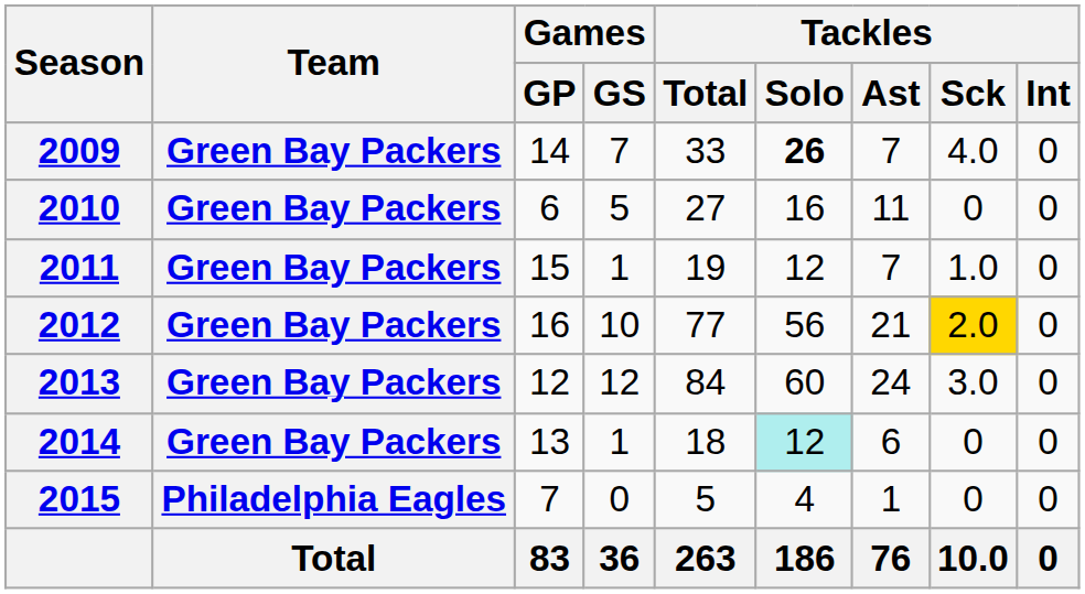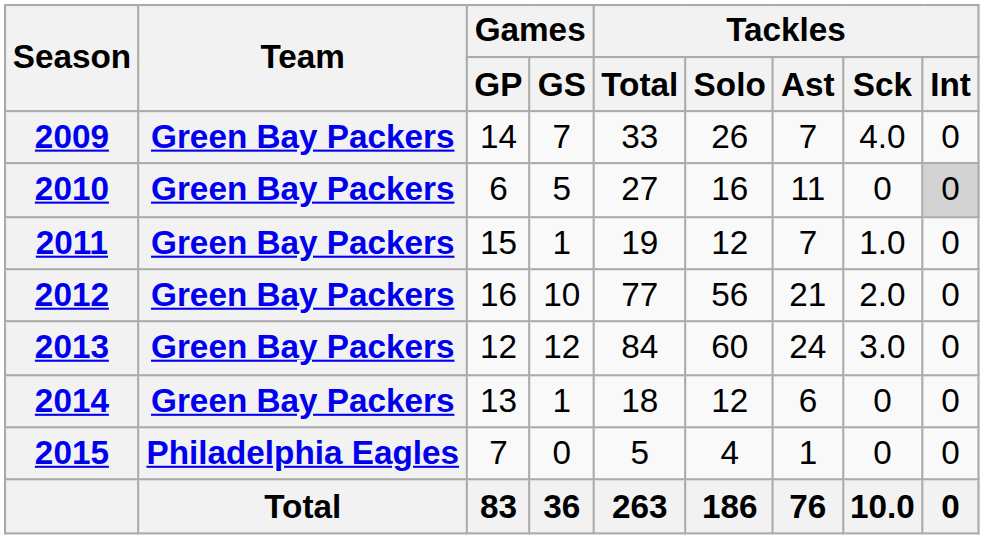 <table class=wikitable style="text-align:center;">
 <tr>
 <th rowspan=2>Season</th>
 <th rowspan=2>Team</th>
 <th colspan=2>Games</th>
 <th colspan=5>Tackles</th>
 </tr>
 <tr>
 <th>GP</th>
 <th>GS</th>
 <th>Total</th>
 <th>Solo</th>
 <th>Ast</th>
 <th>Sck</th>
 <th>Int</th>
 </tr>
 <tr>
 <th><a href='#'>2009</a></th>
 <th><a href='#'>Green Bay Packers</a></th>
 <td>14</td>
 <td>7</td>
 <td>33</td>
-<td><strong>26</strong></td>
+<td>26</td>
 <td>7</td>
 <td>4.0</td>
 <td>0</td>
 </tr>
 <tr>
 <th><a href='#'>2010</a></th>
 <th><a href='#'>Green Bay Packers</a></th>
 <td>6</td>
 <td>5</td>
 <td>27</td>
 <td>16</td>
 <td>11</td>
 <td>0</td>
-<td>0</td>
+<td style="background: lightgrey;">0</td>
 </tr>
 <tr>
 <th><a href='#'>2011</a></th>
 <th><a href='#'>Green Bay Packers</a></th>
 <td>15</td>
 <td>1</td>
 <td>19</td>
 <td>12</td>
 <td>7</td>
 <td>1.0</td>
 <td>0</td>
 </tr>
 <tr>
 <th><a href='#'>2012</a></th>
 <th><a href='#'>Green Bay Packers</a></th>
 <td>16</td>
 <td>10</td>
 <td>77</td>
 <td>56</td>
 <td>21</td>
-<td style="background: gold;">2.0</td>
+<td>2.0</td>
 <td>0</td>
 </tr>
 <tr>
 <th><a href='#'>2013</a></th>
 <th><a href='#'>Green Bay Packers</a></th>
 <td>12</td>
 <td>12</td>
 <td>84</td>
 <td>60</td>
 <td>24</td>
 <td>3.0</td>
 <td>0</td>
 </tr>
 <tr>
 <th><a href='#'>2014</a></th>
 <th><a href='#'>Green Bay Packers</a></th>
 <td>13</td>
 <td>1</td>
 <td>18</td>
-<td style="background: paleturquoise;">12</td>
+<td>12</td>
 <td>6</td>
 <td>0</td>
 <td>0</td>
 </tr>
 <tr>
 <th><a href='#'>2015</a></th>
 <th><a href='#'>Philadelphia Eagles</a></th>
 <td>7</td>
 <td>0</td>
 <td>5</td>
 <td>4</td>
 <td>1</td>
 <td>0</td>
 <td>0</td>
 </tr>
 <tr>
 <th></th>
 <th>Total</th>
 <th>83</th>
 <th>36</th>
 <th>263</th>
 <th>186</th>
 <th>76</th>
 <th>10.0</th>
 <th>0</th>
 </tr>
 </table>
